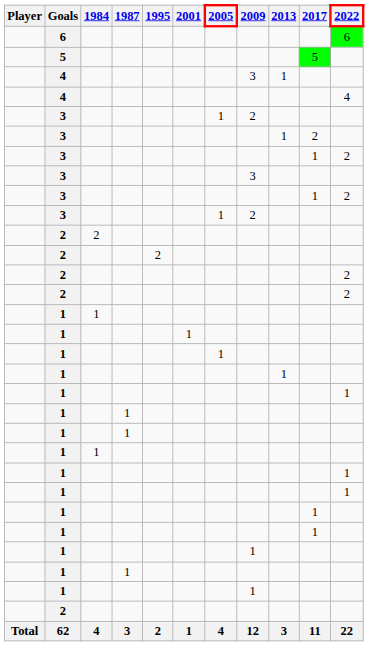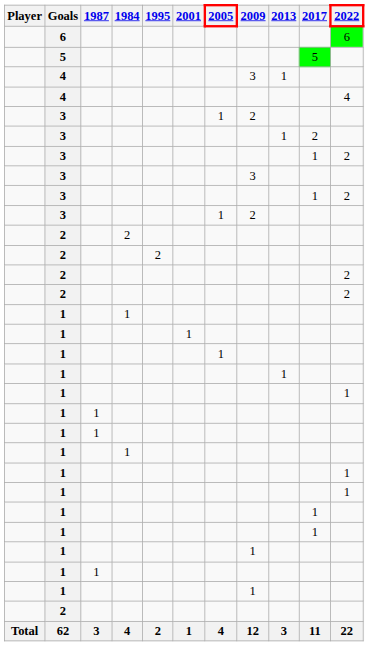 <table class="wikitable sortable" style="text-align:center;">
 <tr>
 <th>Player</th>
 <th>Goals</th>
+<th><a href='#'>1987</a></th>
 <th><a href='#'>1984</a></th>
-<th><a href='#'>1987</a></th>
 <th><a href='#'>1995</a></th>
 <th><a href='#'>2001</a></th>
 <th style="border:3px solid red"><a href='#'>2005</a></th>
 <th><a href='#'>2009</a></th>
 <th><a href='#'>2013</a></th>
 <th><a href='#'>2017</a></th>
 <th style="border:3px solid red"><a href='#'>2022</a></th>
 </tr>
 <tr>
 <td align="left"></td>
 <th>6</th>
 <td></td>
 <td></td>
 <td></td>
 <td></td>
 <td></td>
 <td></td>
 <td></td>
 <td></td>
 <td style="background:#00FF00">6</td>
 </tr>
 <tr>
 <td align="left"></td>
 <th>5</th>
 <td></td>
 <td></td>
 <td></td>
 <td></td>
 <td></td>
 <td></td>
 <td></td>
 <td style="background:#00FF00">5</td>
 <td></td>
 </tr>
 <tr>
 <td align="left"></td>
 <th>4</th>
 <td></td>
 <td></td>
 <td></td>
 <td></td>
 <td></td>
 <td>3</td>
 <td>1</td>
 <td></td>
 <td></td>
 </tr>
 <tr>
 <td align="left"></td>
 <th>4</th>
 <td></td>
 <td></td>
 <td></td>
 <td></td>
 <td></td>
 <td></td>
 <td></td>
 <td></td>
 <td>4</td>
 </tr>
 <tr>
 <td align="left"></td>
 <th>3</th>
 <td></td>
 <td></td>
 <td></td>
 <td></td>
 <td>1</td>
 <td>2</td>
 <td></td>
 <td></td>
 <td></td>
 </tr>
 <tr>
 <td align="left"></td>
 <th>3</th>
 <td></td>
 <td></td>
 <td></td>
 <td></td>
 <td></td>
 <td></td>
 <td>1</td>
 <td>2</td>
 <td></td>
 </tr>
 <tr>
 <td align="left"></td>
 <th>3</th>
 <td></td>
 <td></td>
 <td></td>
 <td></td>
 <td></td>
 <td></td>
 <td></td>
 <td>1</td>
 <td>2</td>
 </tr>
 <tr>
 <td align="left"></td>
 <th>3</th>
 <td></td>
 <td></td>
 <td></td>
 <td></td>
 <td></td>
 <td>3</td>
 <td></td>
 <td></td>
 <td></td>
 </tr>
 <tr>
 <td align="left"></td>
 <th>3</th>
 <td></td>
 <td></td>
 <td></td>
 <td></td>
 <td></td>
 <td></td>
 <td></td>
 <td>1</td>
 <td>2</td>
 </tr>
 <tr>
 <td align="left"></td>
 <th>3</th>
 <td></td>
 <td></td>
 <td></td>
 <td></td>
 <td>1</td>
 <td>2</td>
 <td></td>
 <td></td>
 <td></td>
 </tr>
 <tr>
 <td align="left"></td>
 <th>2</th>
+<td></td>
 <td>2</td>
-<td></td>
 <td></td>
 <td></td>
 <td></td>
 <td></td>
 <td></td>
 <td></td>
 <td></td>
 </tr>
 <tr>
 <td align="left"></td>
 <th>2</th>
 <td></td>
 <td></td>
 <td>2</td>
 <td></td>
 <td></td>
 <td></td>
 <td></td>
 <td></td>
 <td></td>
 </tr>
 <tr>
 <td align="left"></td>
 <th>2</th>
 <td></td>
 <td></td>
 <td></td>
 <td></td>
 <td></td>
 <td></td>
 <td></td>
 <td></td>
 <td>2</td>
 </tr>
 <tr>
 <td align="left"></td>
 <th>2</th>
 <td></td>
 <td></td>
 <td></td>
 <td></td>
 <td></td>
 <td></td>
 <td></td>
 <td></td>
 <td>2</td>
 </tr>
 <tr>
 <td align="left"></td>
 <th>1</th>
+<td></td>
 <td>1</td>
-<td></td>
 <td></td>
 <td></td>
 <td></td>
 <td></td>
 <td></td>
 <td></td>
 <td></td>
 </tr>
 <tr>
 <td align="left"></td>
 <th>1</th>
 <td></td>
 <td></td>
 <td></td>
 <td>1</td>
 <td></td>
 <td></td>
 <td></td>
 <td></td>
 <td></td>
 </tr>
 <tr>
 <td align="left"></td>
 <th>1</th>
 <td></td>
 <td></td>
 <td></td>
 <td></td>
 <td>1</td>
 <td></td>
 <td></td>
 <td></td>
 <td></td>
 </tr>
 <tr>
 <td align="left"></td>
 <th>1</th>
 <td></td>
 <td></td>
 <td></td>
 <td></td>
 <td></td>
 <td></td>
 <td>1</td>
 <td></td>
 <td></td>
 </tr>
 <tr>
 <td align="left"></td>
 <th>1</th>
 <td></td>
 <td></td>
 <td></td>
 <td></td>
 <td></td>
 <td></td>
 <td></td>
 <td></td>
 <td>1</td>
 </tr>
 <tr>
 <td align="left"></td>
 <th>1</th>
+<td>1</td>
 <td></td>
+<td></td>
+<td></td>
+<td></td>
+<td></td>
+<td></td>
+<td></td>
+<td></td>
+</tr>
+<tr>
+<td align="left"></td>
+<th>1</th>
 <td>1</td>
+<td></td>
 <td></td>
 <td></td>
 <td></td>
 <td></td>
 <td></td>
 <td></td>
 <td></td>
 </tr>
 <tr>
 <td align="left"></td>
 <th>1</th>
 <td></td>
 <td>1</td>
-<td></td>
-<td></td>
-<td></td>
-<td></td>
-<td></td>
-<td></td>
-<td></td>
-</tr>
-<tr>
-<td align="left"></td>
-<th>1</th>
-<td>1</td>
-<td></td>
 <td></td>
 <td></td>
 <td></td>
 <td></td>
 <td></td>
 <td></td>
 <td></td>
 </tr>
 <tr>
 <td align="left"></td>
 <th>1</th>
 <td></td>
 <td></td>
 <td></td>
 <td></td>
 <td></td>
 <td></td>
 <td></td>
 <td></td>
 <td>1</td>
 </tr>
 <tr>
 <td align="left"></td>
 <th>1</th>
 <td></td>
 <td></td>
 <td></td>
 <td></td>
 <td></td>
 <td></td>
 <td></td>
 <td></td>
 <td>1</td>
 </tr>
 <tr>
 <td align="left"></td>
 <th>1</th>
 <td></td>
 <td></td>
 <td></td>
 <td></td>
 <td></td>
 <td></td>
 <td></td>
 <td>1</td>
 <td></td>
 </tr>
 <tr>
 <td align="left"></td>
 <th>1</th>
 <td></td>
 <td></td>
 <td></td>
 <td></td>
 <td></td>
 <td></td>
 <td></td>
 <td>1</td>
 <td></td>
 </tr>
 <tr>
 <td align="left"></td>
 <th>1</th>
 <td></td>
 <td></td>
 <td></td>
 <td></td>
 <td></td>
 <td>1</td>
 <td></td>
 <td></td>
 <td></td>
 </tr>
 <tr>
 <td align="left"></td>
 <th>1</th>
+<td>1</td>
 <td></td>
-<td>1</td>
 <td></td>
 <td></td>
 <td></td>
 <td></td>
 <td></td>
 <td></td>
 <td></td>
 </tr>
 <tr>
 <td align="left"></td>
 <th>1</th>
 <td></td>
 <td></td>
 <td></td>
 <td></td>
 <td></td>
 <td>1</td>
 <td></td>
 <td></td>
 <td></td>
 </tr>
 <tr>
 <td align="left"></td>
 <th>2</th>
 <td></td>
 <td></td>
 <td></td>
 <td></td>
 <td></td>
 <td></td>
 <td></td>
 <td></td>
 <td></td>
 </tr>
 <tr class="sortbottom">
 <th>Total</th>
 <th>62</th>
+<th>3</th>
 <th>4</th>
-<th>3</th>
 <th>2</th>
 <th>1</th>
 <th>4</th>
 <th>12</th>
 <th>3</th>
 <th>11</th>
 <th>22</th>
 </tr>
 </table>
